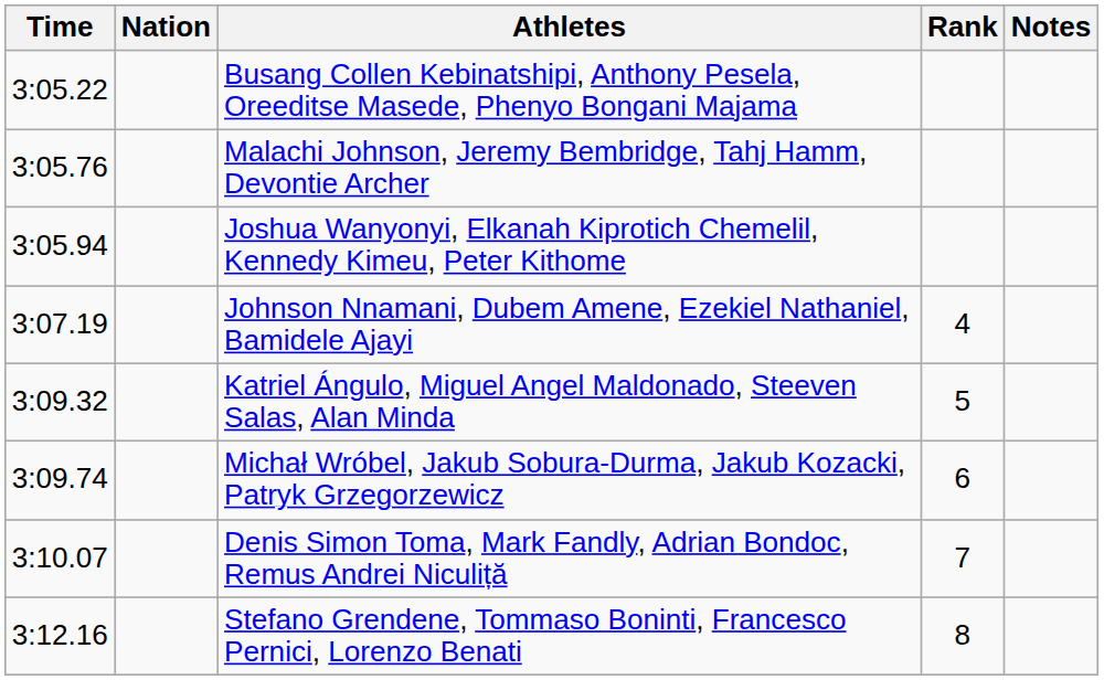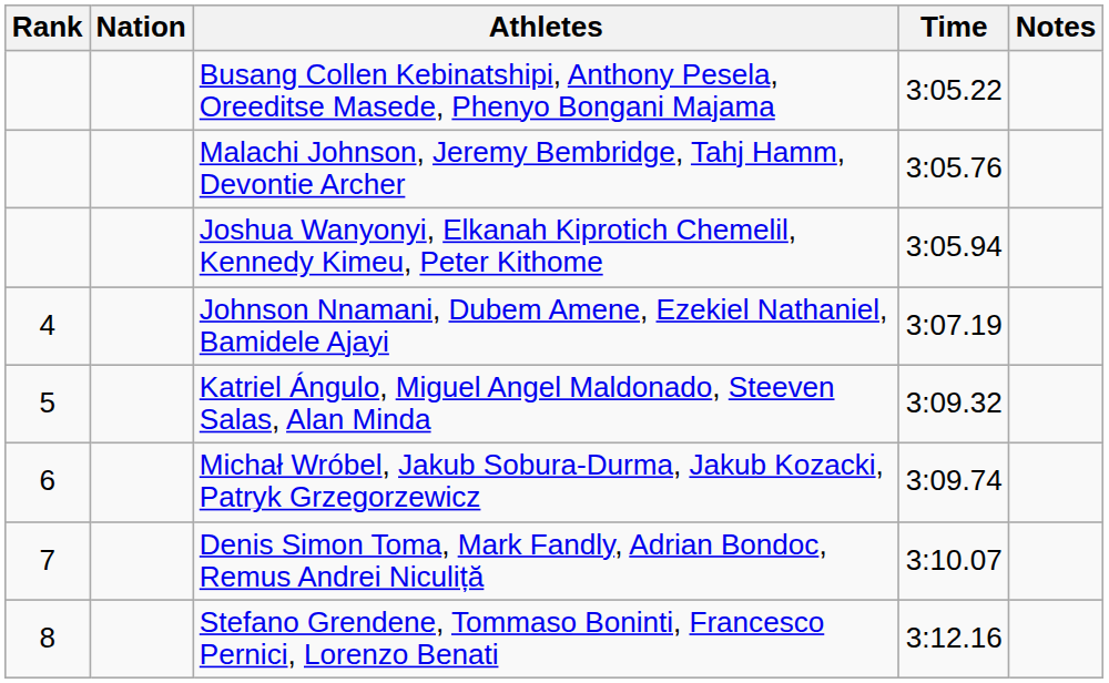 <table class="wikitable sortable" style="text-align:center">
 <tr>
-<th>Time</th>
+<th>Rank</th>
 <th>Nation</th>
 <th>Athletes</th>
-<th>Rank</th>
+<th>Time</th>
 <th>Notes</th>
 </tr>
 <tr>
-<td>3:05.22</td>
+<td></td>
 <td align=left></td>
 <td align=left><a href='#'>Busang Collen Kebinatshipi</a>, <a href='#'>Anthony Pesela</a>, <a href='#'>Oreeditse Masede</a>, <a href='#'>Phenyo Bongani Majama</a></td>
-<td></td>
+<td>3:05.22</td>
 <td></td>
 </tr>
 <tr>
-<td>3:05.76</td>
+<td></td>
 <td align=left></td>
 <td align=left><a href='#'>Malachi Johnson</a>, <a href='#'>Jeremy Bembridge</a>, <a href='#'>Tahj Hamm</a>, <a href='#'>Devontie Archer</a></td>
-<td></td>
+<td>3:05.76</td>
 <td></td>
 </tr>
 <tr>
-<td>3:05.94</td>
+<td></td>
 <td align=left></td>
 <td align=left><a href='#'>Joshua Wanyonyi</a>, <a href='#'>Elkanah Kiprotich Chemelil</a>, <a href='#'>Kennedy Kimeu</a>, <a href='#'>Peter Kithome</a></td>
-<td></td>
+<td>3:05.94</td>
 <td></td>
 </tr>
 <tr>
-<td>3:07.19</td>
+<td>4</td>
 <td align=left></td>
 <td align=left><a href='#'>Johnson Nnamani</a>, <a href='#'>Dubem Amene</a>, <a href='#'>Ezekiel Nathaniel</a>, <a href='#'>Bamidele Ajayi</a></td>
-<td>4</td>
+<td>3:07.19</td>
 <td></td>
 </tr>
 <tr>
-<td>3:09.32</td>
+<td>5</td>
 <td align=left></td>
 <td align=left><a href='#'>Katriel Ángulo</a>, <a href='#'>Miguel Angel Maldonado</a>, <a href='#'>Steeven Salas</a>, <a href='#'>Alan Minda</a></td>
-<td>5</td>
+<td>3:09.32</td>
 <td></td>
 </tr>
 <tr>
-<td>3:09.74</td>
+<td>6</td>
 <td align=left></td>
 <td align=left><a href='#'>Michał Wróbel</a>, <a href='#'>Jakub Sobura-Durma</a>,  <a href='#'>Jakub Kozacki</a>, <a href='#'>Patryk Grzegorzewicz</a></td>
-<td>6</td>
+<td>3:09.74</td>
 <td></td>
 </tr>
 <tr>
-<td>3:10.07</td>
+<td>7</td>
 <td align=left></td>
 <td align=left><a href='#'>Denis Simon Toma</a>, <a href='#'>Mark Fandly</a>, <a href='#'>Adrian Bondoc</a>, <a href='#'>Remus Andrei Niculiță</a></td>
-<td>7</td>
+<td>3:10.07</td>
 <td></td>
 </tr>
 <tr>
-<td>3:12.16</td>
+<td>8</td>
 <td align=left></td>
 <td align=left><a href='#'>Stefano Grendene</a>, <a href='#'>Tommaso Boninti</a>, <a href='#'>Francesco Pernici</a>, <a href='#'>Lorenzo Benati</a></td>
-<td>8</td>
+<td>3:12.16</td>
 <td></td>
 </tr>
 </table>
